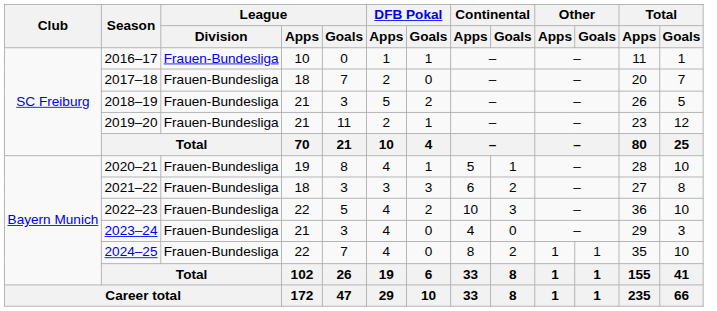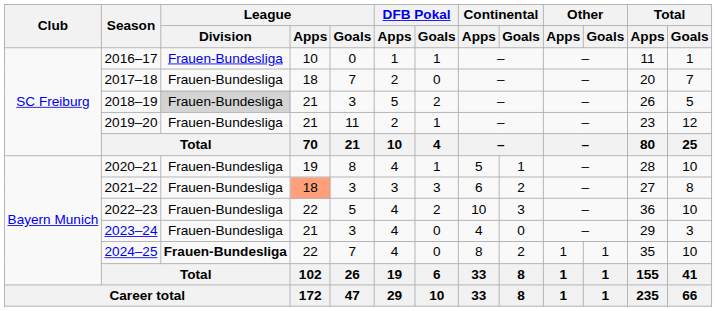 <table class="wikitable" style="text-align: center">
 <tr>
 <th rowspan="2">Club</th>
 <th rowspan="2">Season</th>
 <th colspan="3">League</th>
 <th colspan="2"><a href='#'>DFB Pokal</a></th>
 <th colspan="2">Continental</th>
 <th colspan="2">Other</th>
 <th colspan="2">Total</th>
 </tr>
 <tr>
 <th>Division</th>
 <th>Apps</th>
 <th>Goals</th>
 <th>Apps</th>
 <th>Goals</th>
 <th>Apps</th>
 <th>Goals</th>
 <th>Apps</th>
 <th>Goals</th>
 <th>Apps</th>
 <th>Goals</th>
 </tr>
 <tr>
 <td rowspan="5"><a href='#'>SC Freiburg</a></td>
 <td>2016–17</td>
 <td><a href='#'>Frauen-Bundesliga</a></td>
 <td>10</td>
 <td>0</td>
 <td>1</td>
 <td>1</td>
 <td colspan="2">–</td>
 <td colspan="2">–</td>
 <td>11</td>
 <td>1</td>
 </tr>
 <tr>
 <td>2017–18</td>
 <td>Frauen-Bundesliga</td>
 <td>18</td>
 <td>7</td>
 <td>2</td>
 <td>0</td>
 <td colspan="2">–</td>
 <td colspan="2">–</td>
 <td>20</td>
 <td>7</td>
 </tr>
 <tr>
 <td>2018–19</td>
-<td>Frauen-Bundesliga</td>
+<td style="background: lightgrey;">Frauen-Bundesliga</td>
 <td>21</td>
 <td>3</td>
 <td>5</td>
 <td>2</td>
 <td colspan="2">–</td>
 <td colspan="2">–</td>
 <td>26</td>
 <td>5</td>
 </tr>
 <tr>
 <td>2019–20</td>
 <td>Frauen-Bundesliga</td>
 <td>21</td>
 <td>11</td>
 <td>2</td>
 <td>1</td>
 <td colspan="2">–</td>
 <td colspan="2">–</td>
 <td>23</td>
 <td>12</td>
 </tr>
 <tr>
 <th colspan="2">Total</th>
 <th>70</th>
 <th>21</th>
 <th>10</th>
 <th>4</th>
 <th colspan="2">–</th>
 <th colspan="2">–</th>
 <th>80</th>
 <th>25</th>
 </tr>
 <tr>
 <td rowspan="6"><a href='#'>Bayern Munich</a></td>
 <td>2020–21</td>
 <td>Frauen-Bundesliga</td>
 <td>19</td>
 <td>8</td>
 <td>4</td>
 <td>1</td>
 <td>5</td>
 <td>1</td>
 <td colspan="2">–</td>
 <td>28</td>
 <td>10</td>
 </tr>
 <tr>
 <td>2021–22</td>
 <td>Frauen-Bundesliga</td>
-<td>18</td>
+<td style="background: lightsalmon;">18</td>
 <td>3</td>
 <td>3</td>
 <td>3</td>
 <td>6</td>
 <td>2</td>
 <td colspan="2">–</td>
 <td>27</td>
 <td>8</td>
 </tr>
 <tr>
 <td>2022–23</td>
 <td>Frauen-Bundesliga</td>
 <td>22</td>
 <td>5</td>
 <td>4</td>
 <td>2</td>
 <td>10</td>
 <td>3</td>
 <td colspan="2">–</td>
 <td>36</td>
 <td>10</td>
 </tr>
 <tr>
 <td><a href='#'>2023–24</a></td>
 <td>Frauen-Bundesliga</td>
 <td>21</td>
 <td>3</td>
 <td>4</td>
 <td>0</td>
 <td>4</td>
 <td>0</td>
 <td colspan="2">–</td>
 <td>29</td>
 <td>3</td>
 </tr>
 <tr>
 <td><a href='#'>2024–25</a></td>
-<td>Frauen-Bundesliga</td>
+<td><strong>Frauen-Bundesliga</strong></td>
 <td>22</td>
 <td>7</td>
 <td>4</td>
 <td>0</td>
 <td>8</td>
 <td>2</td>
 <td>1</td>
 <td>1</td>
 <td>35</td>
 <td>10</td>
 </tr>
 <tr>
 <th colspan="2">Total</th>
 <th>102</th>
 <th>26</th>
 <th>19</th>
 <th>6</th>
 <th>33</th>
 <th>8</th>
 <th>1</th>
 <th>1</th>
 <th>155</th>
 <th>41</th>
 </tr>
 <tr>
 <th colspan="3">Career total</th>
 <th>172</th>
 <th>47</th>
 <th>29</th>
 <th>10</th>
 <th>33</th>
 <th>8</th>
 <th>1</th>
 <th>1</th>
 <th>235</th>
 <th>66</th>
 </tr>
 </table>
